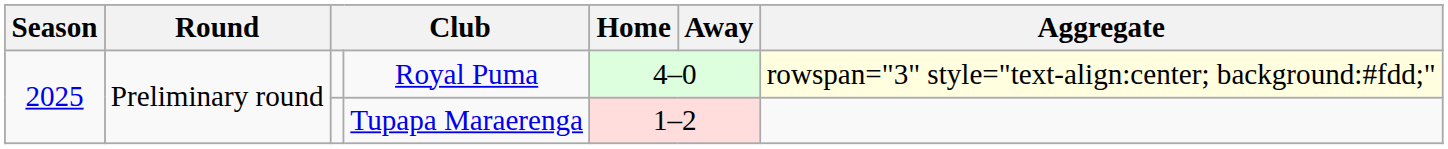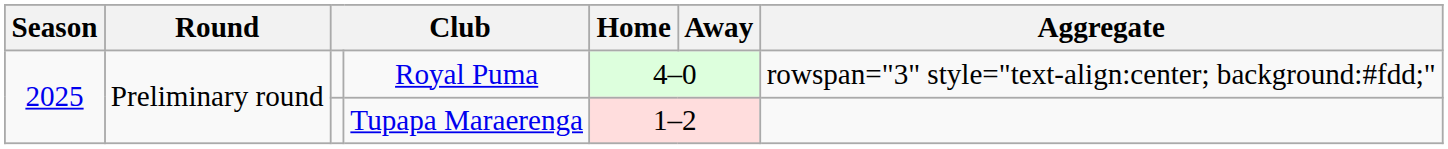 <table class="wikitable" style="text-align:center;">
 <tr>
 <th>Season</th>
 <th>Round</th>
 <th colspan=2>Club</th>
 <th>Home</th>
 <th>Away</th>
 <th>Aggregate</th>
 </tr>
 <tr>
 <td rowspan="2;"><a href='#'>2025</a></td>
 <td rowspan="2">Preliminary round</td>
 <td></td>
 <td><a href='#'>Royal Puma</a></td>
 <td colspan="2;" style="text-align:center; background:#DFD;">4–0</td>
-<td style="background: lightyellow;">rowspan="3" style="text-align:center; background:#fdd;" </td>
+<td>rowspan="3" style="text-align:center; background:#fdd;" </td>
 </tr>
 <tr>
 <td></td>
 <td><a href='#'>Tupapa Maraerenga</a></td>
 <td colspan="2;" style="text-align:center; background:#FDD;">1–2</td>
 </tr>
 </table>
